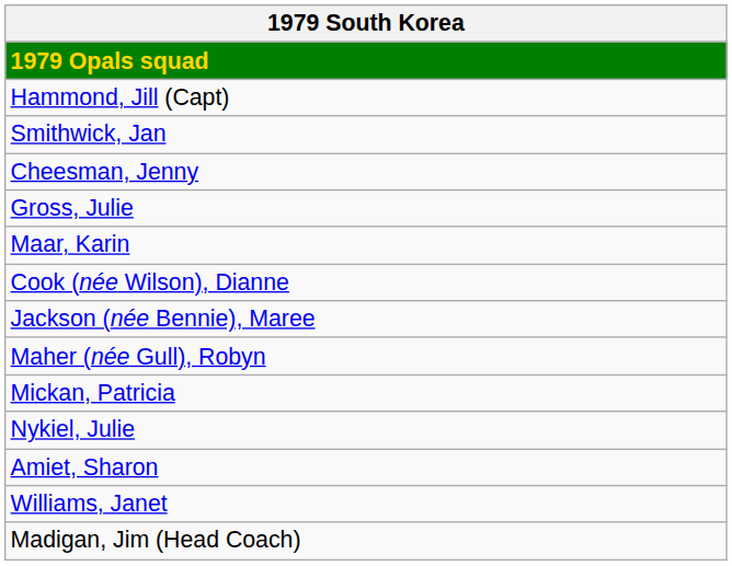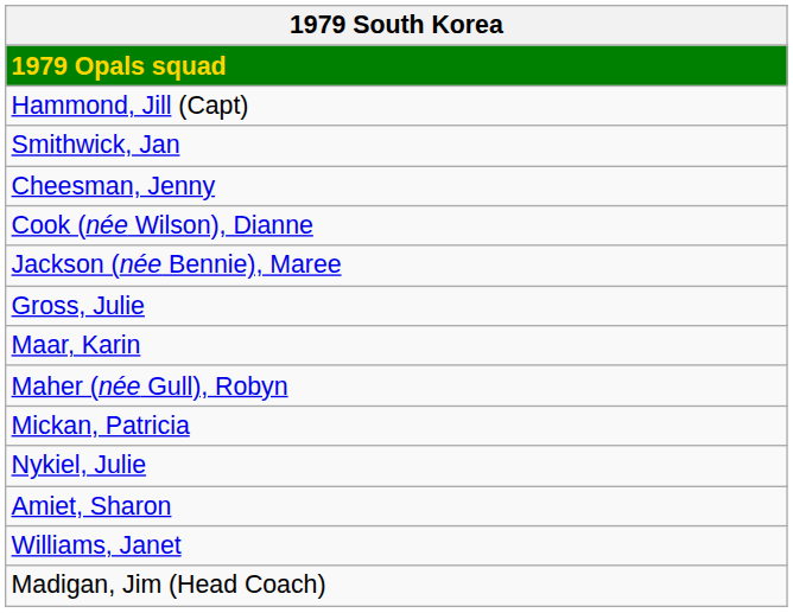 <table class="wikitable collapsible autocollapse" width=25%>
 <tr>
 <th>1979 South Korea</th>
 </tr>
 <tr>
 <td bgcolor=green style="color:gold; width:200px"><strong>1979 Opals squad</strong></td>
 </tr>
 <tr>
 <td><a href='#'>Hammond, Jill</a> (Capt)</td>
 </tr>
 <tr>
 <td><a href='#'>Smithwick, Jan</a></td>
 </tr>
 <tr>
 <td><a href='#'>Cheesman, Jenny</a></td>
 </tr>
 <tr>
+<td><a href='#'>Cook (<em>née</em> Wilson), Dianne</a></td>
+</tr>
+<tr>
+<td><a href='#'>Jackson (<em>née</em> Bennie), Maree</a></td>
+</tr>
+<tr>
 <td><a href='#'>Gross, Julie</a></td>
 </tr>
 <tr>
 <td><a href='#'>Maar, Karin</a></td>
-</tr>
-<tr>
-<td><a href='#'>Cook (<em>née</em> Wilson), Dianne</a></td>
-</tr>
-<tr>
-<td><a href='#'>Jackson (<em>née</em> Bennie), Maree</a></td>
 </tr>
 <tr>
 <td><a href='#'>Maher (<em>née</em> Gull), Robyn</a></td>
 </tr>
 <tr>
 <td><a href='#'>Mickan, Patricia</a></td>
 </tr>
 <tr>
 <td><a href='#'>Nykiel, Julie</a></td>
 </tr>
 <tr>
 <td><a href='#'>Amiet, Sharon</a></td>
 </tr>
 <tr>
 <td><a href='#'>Williams, Janet</a></td>
 </tr>
 <tr>
 <td>Madigan, Jim  (Head Coach)</td>
 </tr>
 </table>
